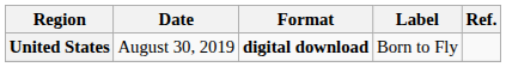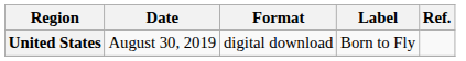 <table class="wikitable plainrowheaders">
 <tr>
 <th scope="col">Region</th>
 <th scope="col">Date</th>
 <th scope="col">Format</th>
 <th scope="col">Label</th>
 <th scope="col">Ref.</th>
 </tr>
 <tr>
 <th scope="row">United States</th>
 <td>August 30, 2019</td>
-<td><strong>digital download</strong></td>
+<td>digital download</td>
 <td>Born to Fly</td>
 <td style="text-align:center;"></td>
 </tr>
 <tr>
 </tr>
 </table>
